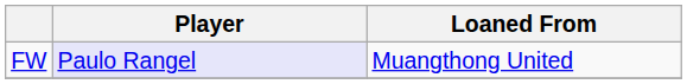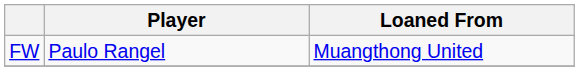 <table class="wikitable plainrowheaders sortable" style="font-size:95%">
 <tr>
 <th></th>
 <th scope="col" style="width:200px;">Player</th>
 <th scope="col" style="width:200px;">Loaned From</th>
 </tr>
 <tr>
 <td align="left"><a href='#'>FW</a></td>
-<td align="left" style="background: lavender;"> <a href='#'>Paulo Rangel</a></td>
+<td align="left"> <a href='#'>Paulo Rangel</a></td>
 <td align="left"> <a href='#'>Muangthong United</a></td>
 </tr>
 <tr>
 </tr>
 </table>
